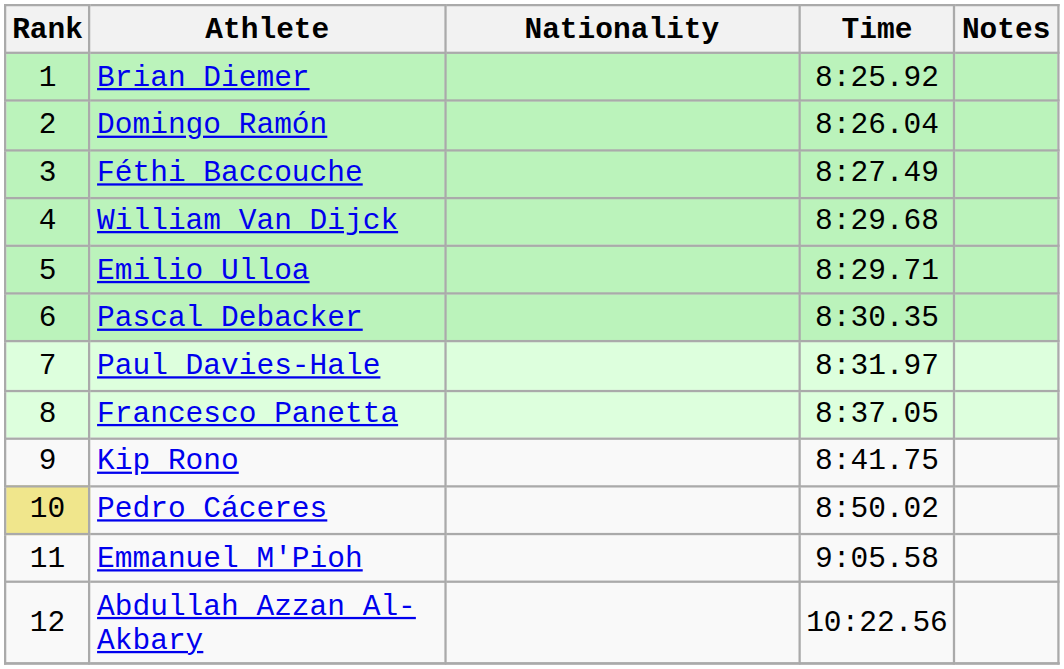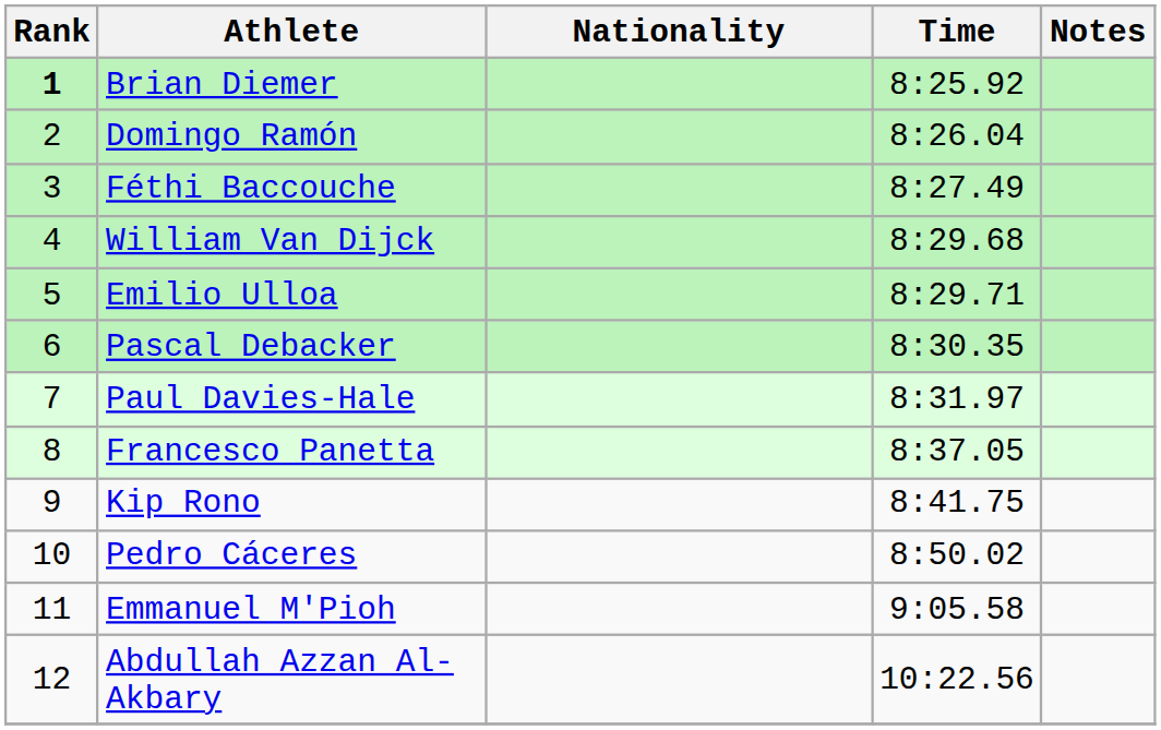 <table class="wikitable sortable" style="text-align:center">
 <tr>
 <th width=30>Rank</th>
 <th width=150>Athlete</th>
 <th width=150>Nationality</th>
 <th width=30>Time</th>
 <th width=30>Notes</th>
 </tr>
 <tr bgcolor=bbf3bb>
-<td>1</td>
+<td><strong>1</strong></td>
 <td align="left"><a href='#'>Brian Diemer</a></td>
 <td align="left"></td>
 <td>8:25.92</td>
 <td></td>
 </tr>
 <tr bgcolor=bbf3bb>
 <td>2</td>
 <td align="left"><a href='#'>Domingo Ramón</a></td>
 <td align="left"></td>
 <td>8:26.04</td>
 <td></td>
 </tr>
 <tr bgcolor=bbf3bb>
 <td>3</td>
 <td align="left"><a href='#'>Féthi Baccouche</a></td>
 <td align="left"></td>
 <td>8:27.49</td>
 <td></td>
 </tr>
 <tr bgcolor=bbf3bb>
 <td>4</td>
 <td align="left"><a href='#'>William Van Dijck</a></td>
 <td align="left"></td>
 <td>8:29.68</td>
 <td></td>
 </tr>
 <tr bgcolor=bbf3bb>
 <td>5</td>
 <td align="left"><a href='#'>Emilio Ulloa</a></td>
 <td align="left"></td>
 <td>8:29.71</td>
 <td></td>
 </tr>
 <tr bgcolor=bbf3bb>
 <td>6</td>
 <td align="left"><a href='#'>Pascal Debacker</a></td>
 <td align="left"></td>
 <td>8:30.35</td>
 <td></td>
 </tr>
 <tr bgcolor=#ddffdd>
 <td>7</td>
 <td align="left"><a href='#'>Paul Davies-Hale</a></td>
 <td align="left"></td>
 <td>8:31.97</td>
 <td></td>
 </tr>
 <tr bgcolor=#ddffdd>
 <td>8</td>
 <td align="left"><a href='#'>Francesco Panetta</a></td>
 <td align="left"></td>
 <td>8:37.05</td>
 <td></td>
 </tr>
 <tr>
 <td>9</td>
 <td align="left"><a href='#'>Kip Rono</a></td>
 <td align="left"></td>
 <td>8:41.75</td>
 <td></td>
 </tr>
 <tr>
-<td style="background: khaki;">10</td>
+<td>10</td>
 <td align="left"><a href='#'>Pedro Cáceres</a></td>
 <td align="left"></td>
 <td>8:50.02</td>
 <td></td>
 </tr>
 <tr>
 <td>11</td>
 <td align="left"><a href='#'>Emmanuel M'Pioh</a></td>
 <td align="left"></td>
 <td>9:05.58</td>
 <td></td>
 </tr>
 <tr>
 <td>12</td>
 <td align="left"><a href='#'>Abdullah Azzan Al-Akbary</a></td>
 <td align="left"></td>
 <td>10:22.56</td>
 <td></td>
 </tr>
 <tr>
 </tr>
 </table>
